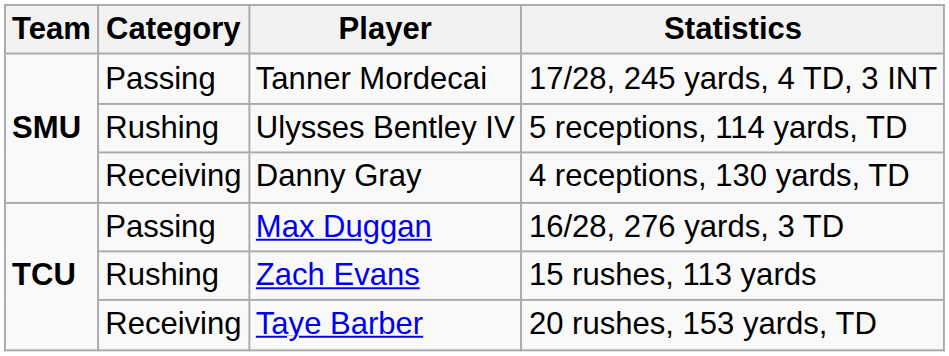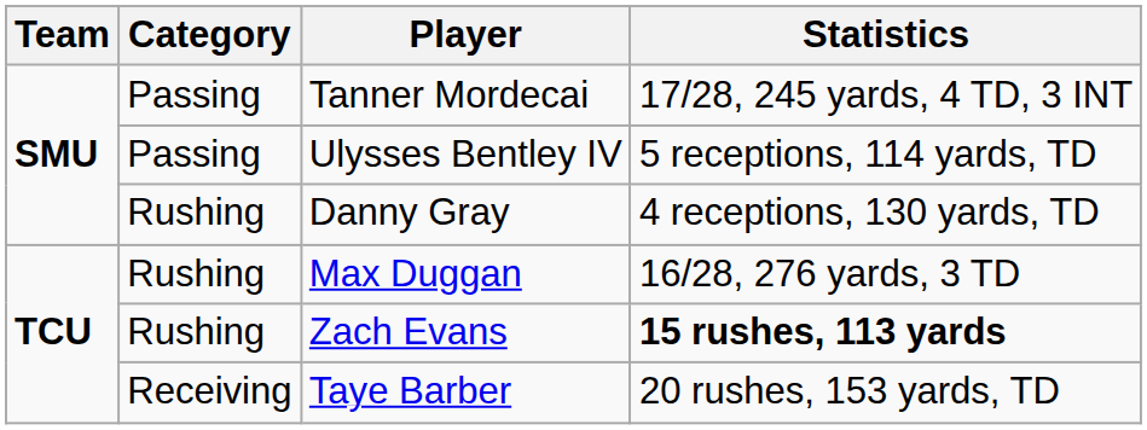 <table class="wikitable" style="float: left;">
 <tr>
 <th>Team</th>
 <th>Category</th>
 <th>Player</th>
 <th>Statistics</th>
 </tr>
 <tr>
 <td rowspan=3><strong>SMU</strong></td>
 <td>Passing</td>
 <td>Tanner Mordecai</td>
 <td>17/28, 245 yards, 4 TD, 3 INT</td>
 </tr>
 <tr>
-<td>Rushing</td>
+<td>Passing</td>
 <td>Ulysses Bentley IV</td>
 <td>5 receptions, 114 yards, TD</td>
 </tr>
 <tr>
-<td>Receiving</td>
+<td>Rushing</td>
 <td>Danny Gray</td>
 <td>4 receptions, 130 yards, TD</td>
 </tr>
 <tr>
 <td rowspan=3><strong>TCU</strong></td>
-<td>Passing</td>
+<td>Rushing</td>
 <td><a href='#'>Max Duggan</a></td>
 <td>16/28, 276 yards, 3 TD</td>
 </tr>
 <tr>
 <td>Rushing</td>
 <td><a href='#'>Zach Evans</a></td>
-<td>15 rushes, 113 yards</td>
+<td><strong>15 rushes, 113 yards</strong></td>
 </tr>
 <tr>
 <td>Receiving</td>
 <td><a href='#'>Taye Barber</a></td>
 <td>20 rushes, 153 yards, TD</td>
 </tr>
 </table>
